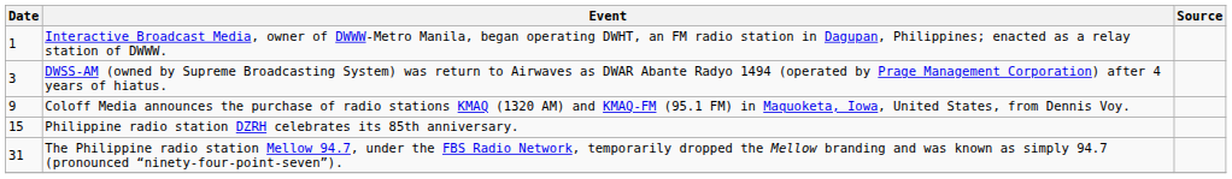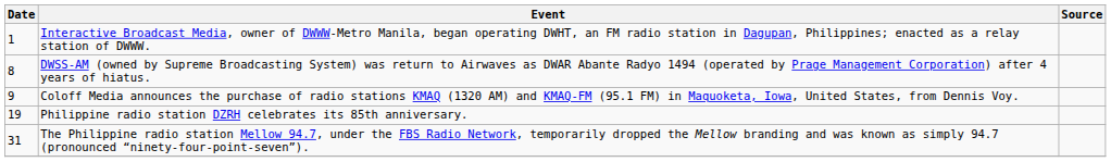 <table class=wikitable>
 <tr>
 <th>Date</th>
 <th>Event</th>
 <th>Source</th>
 </tr>
 <tr>
 <td>1</td>
 <td><a href='#'>Interactive Broadcast Media</a>, owner of <a href='#'>DWWW</a>-Metro Manila, began operating DWHT, an FM radio station in <a href='#'>Dagupan</a>, Philippines; enacted as a relay station of DWWW.</td>
 <td></td>
 </tr>
 <tr>
-<td>3</td>
+<td>8</td>
 <td><a href='#'>DWSS-AM</a> (owned by Supreme Broadcasting System) was return to Airwaves as DWAR Abante Radyo 1494 (operated by <a href='#'>Prage Management Corporation</a>) after 4 years of hiatus.</td>
 <td></td>
 </tr>
 <tr>
 <td>9</td>
 <td>Coloff Media announces the purchase of radio stations <a href='#'>KMAQ</a> (1320 AM) and <a href='#'>KMAQ-FM</a> (95.1 FM) in <a href='#'>Maquoketa, Iowa</a>, United States, from Dennis Voy.</td>
 <td></td>
 </tr>
 <tr>
-<td>15</td>
+<td>19</td>
 <td>Philippine radio station <a href='#'>DZRH</a> celebrates its 85th anniversary.</td>
 <td></td>
 </tr>
 <tr>
 <td>31</td>
 <td>The Philippine radio station <a href='#'>Mellow 94.7</a>, under the <a href='#'>FBS Radio Network</a>, temporarily dropped the <em>Mellow</em> branding and was known as simply 94.7 (pronounced “ninety-four-point-seven”).</td>
 <td></td>
 </tr>
 <tr>
 </tr>
 </table>
